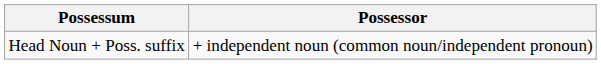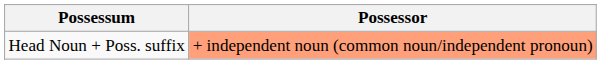 <table class="wikitable">
 <tr>
 <th>Possessum</th>
 <th>Possessor</th>
 </tr>
 <tr>
 <td>Head Noun + Poss. suffix</td>
-<td>+ independent noun (common noun/independent pronoun)</td>
+<td style="background: lightsalmon;">+ independent noun (common noun/independent pronoun)</td>
 </tr>
 </table>
